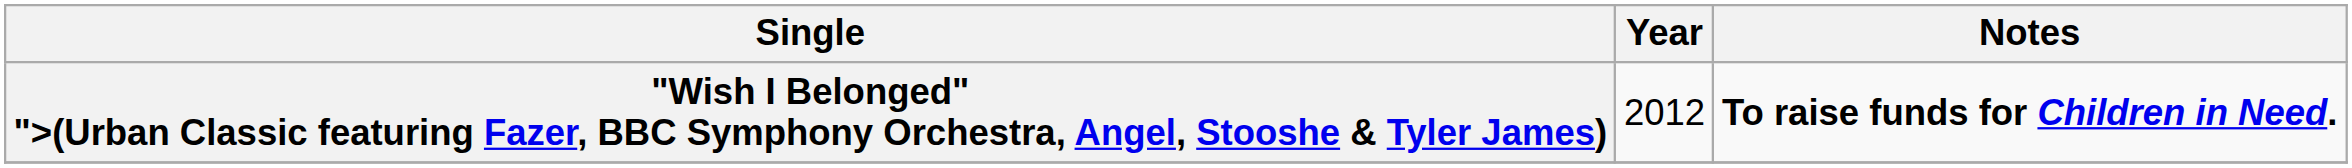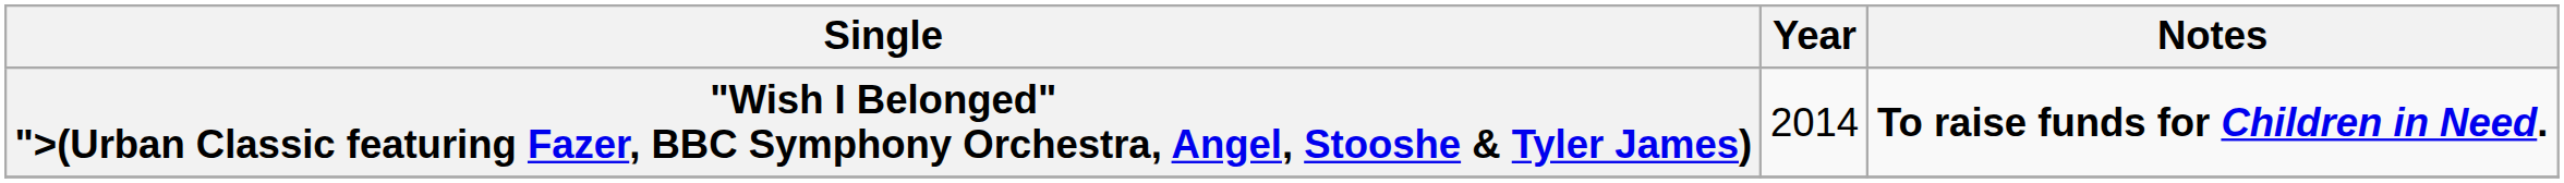 <table class="wikitable plainrowheaders" style="text-align:center;">
 <tr>
 <th scope="col">Single</th>
 <th scope="col">Year</th>
 <th scope="col">Notes</th>
 </tr>
 <tr>
 <th scope="row">"Wish I Belonged"<br><span>">(Urban Classic featuring <a href='#'>Fazer</a>, BBC Symphony Orchestra, <a href='#'>Angel</a>, <a href='#'>Stooshe</a> & <a href='#'>Tyler James</a>)</span></th>
-<td>2012</td>
+<td>2014</td>
 <td><strong>To raise funds for <em><a href='#'>Children in Need</a></em>.</strong></td>
 </tr>
 <tr>
 </tr>
 </table>
